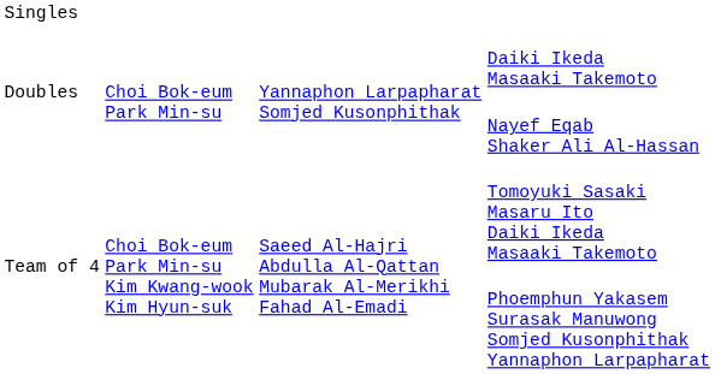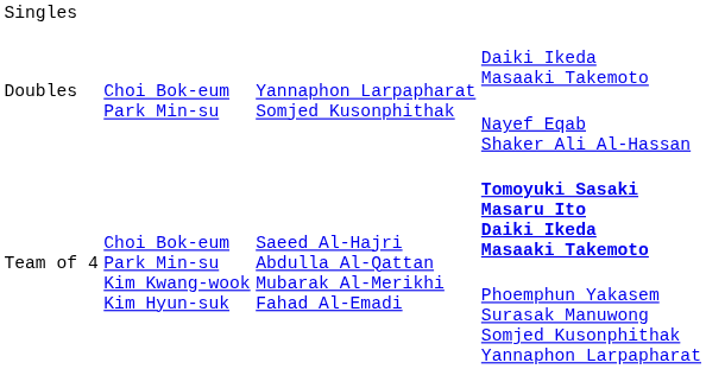 <table>
 <tr>
 <td rowspan=2>Singles</td>
 <td rowspan=2></td>
 <td rowspan=2></td>
 <td></td>
 </tr>
 <tr>
 <td></td>
 </tr>
 <tr>
 <td rowspan=2>Doubles</td>
 <td rowspan=2><br><a href='#'>Choi Bok-eum</a><br><a href='#'>Park Min-su</a></td>
 <td rowspan=2><br><a href='#'>Yannaphon Larpapharat</a><br><a href='#'>Somjed Kusonphithak</a></td>
 <td><br><a href='#'>Daiki Ikeda</a><br><a href='#'>Masaaki Takemoto</a></td>
 </tr>
 <tr>
 <td><br><a href='#'>Nayef Eqab</a><br><a href='#'>Shaker Ali Al-Hassan</a></td>
 </tr>
 <tr>
 <td rowspan=2>Team of 4</td>
 <td rowspan=2><br><a href='#'>Choi Bok-eum</a><br><a href='#'>Park Min-su</a><br><a href='#'>Kim Kwang-wook</a><br><a href='#'>Kim Hyun-suk</a></td>
 <td rowspan=2><br><a href='#'>Saeed Al-Hajri</a><br><a href='#'>Abdulla Al-Qattan</a><br><a href='#'>Mubarak Al-Merikhi</a><br><a href='#'>Fahad Al-Emadi</a></td>
-<td><br><a href='#'>Tomoyuki Sasaki</a><br><a href='#'>Masaru Ito</a><br><a href='#'>Daiki Ikeda</a><br><a href='#'>Masaaki Takemoto</a></td>
+<td><strong><br><a href='#'>Tomoyuki Sasaki</a><br><a href='#'>Masaru Ito</a><br><a href='#'>Daiki Ikeda</a><br><a href='#'>Masaaki Takemoto</a></strong></td>
 </tr>
 <tr>
 <td><br><a href='#'>Phoemphun Yakasem</a><br><a href='#'>Surasak Manuwong</a><br><a href='#'>Somjed Kusonphithak</a><br><a href='#'>Yannaphon Larpapharat</a></td>
 </tr>
 </table>
